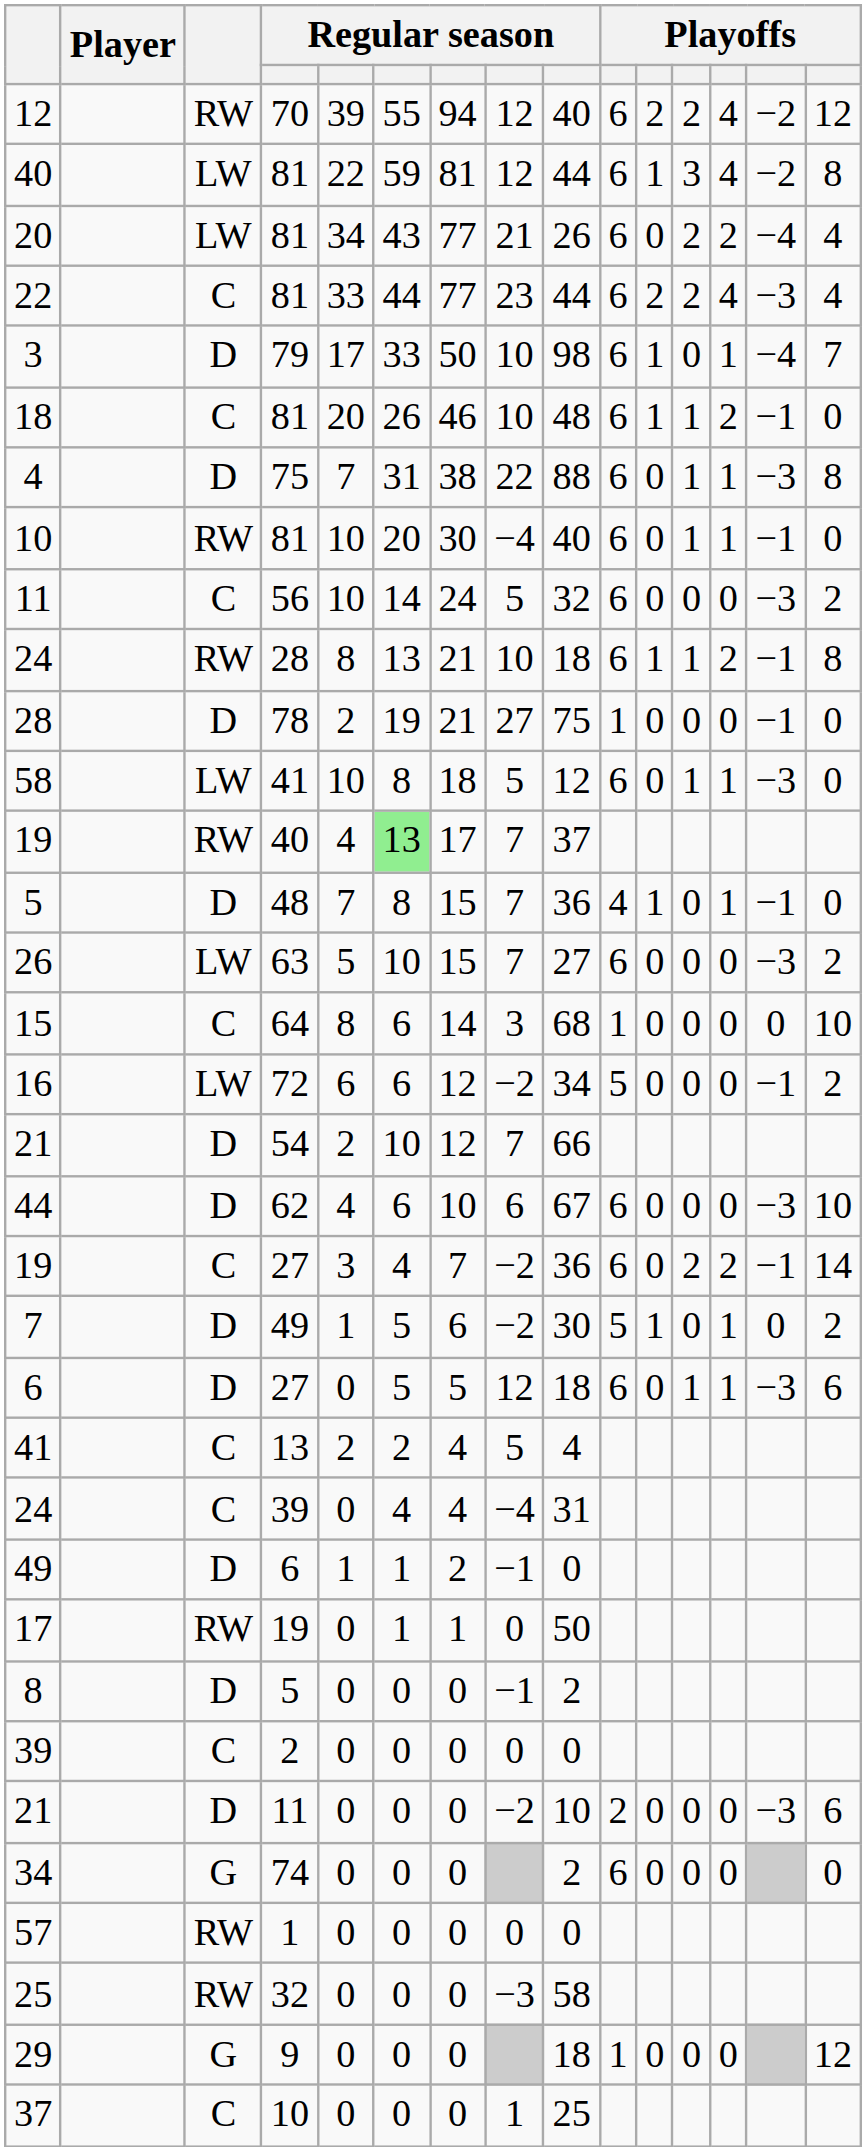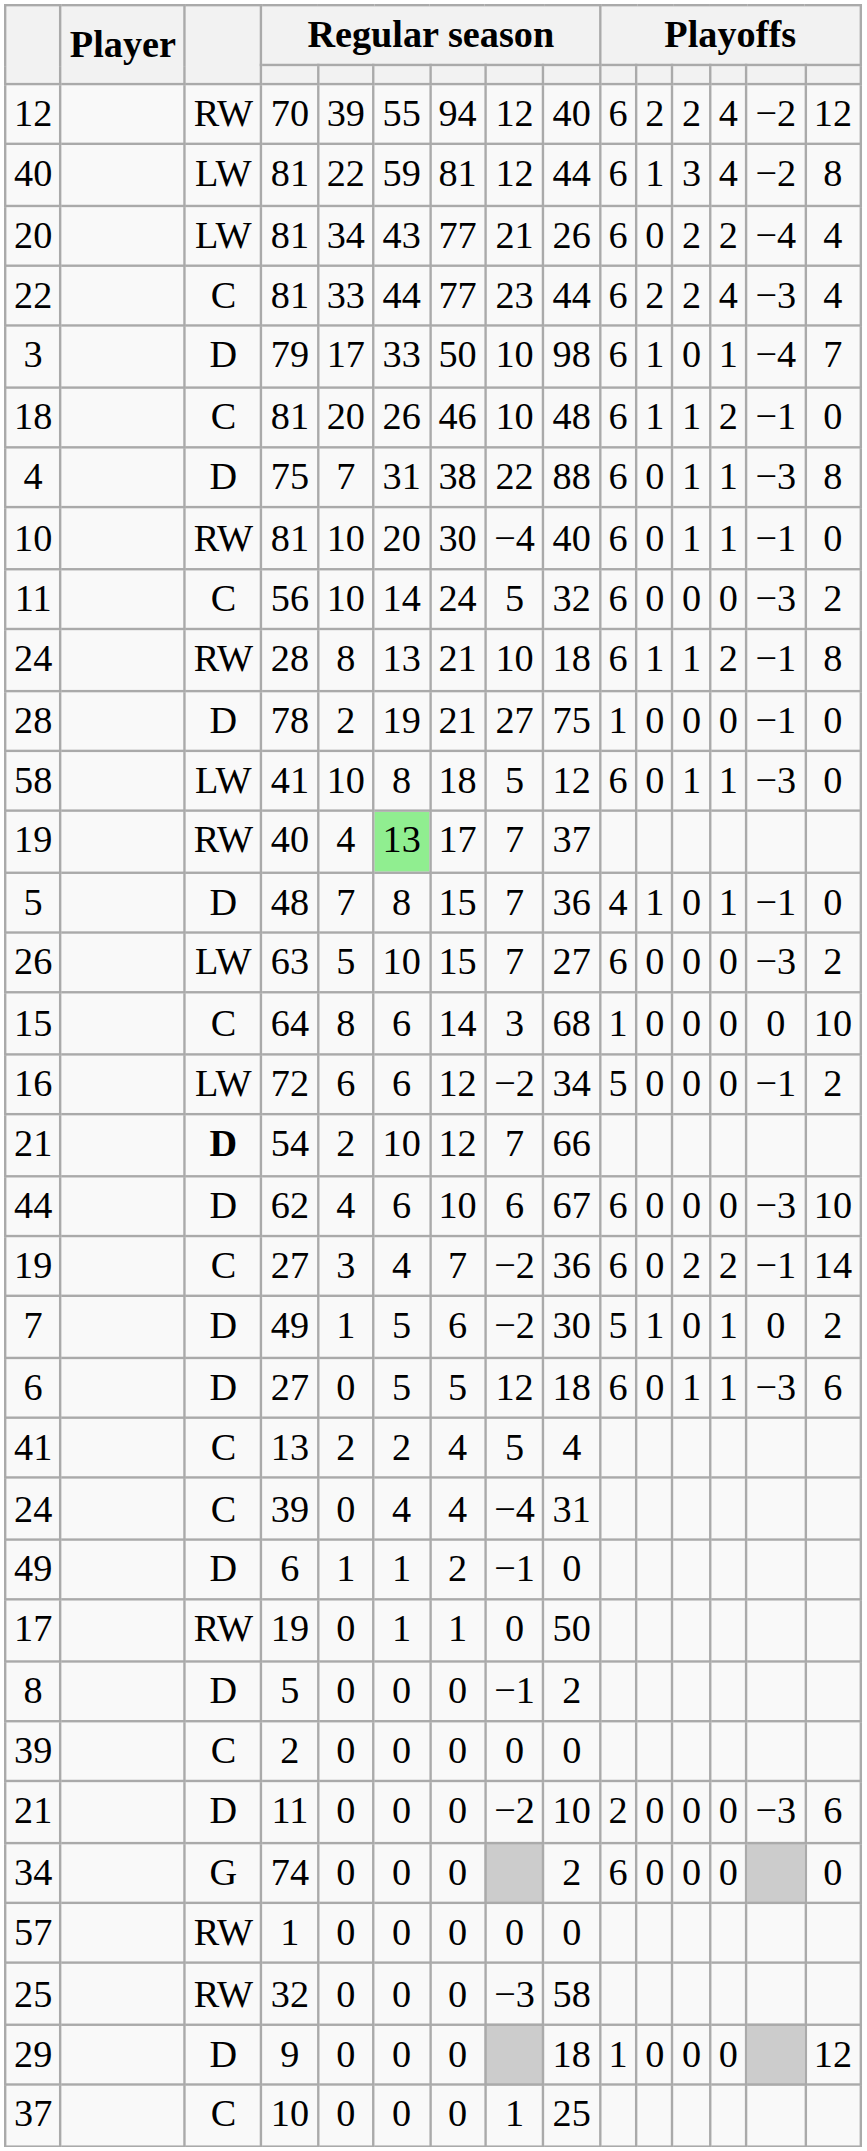 <table class="wikitable sortable plainrowheaders" style="text-align:center;">
 <tr>
 <th scope="col" data-sort-type="number" rowspan="2"></th>
 <th scope="col" rowspan="2">Player</th>
 <th scope="col" rowspan="2"></th>
 <th scope=colgroup colspan=6>Regular season</th>
 <th scope=colgroup colspan=6>Playoffs</th>
 </tr>
 <tr>
 <th scope="col" data-sort-type="number"></th>
 <th scope="col" data-sort-type="number"></th>
 <th scope="col" data-sort-type="number"></th>
 <th scope="col" data-sort-type="number"></th>
 <th scope="col" data-sort-type="number"></th>
 <th scope="col" data-sort-type="number"></th>
 <th scope="col" data-sort-type="number"></th>
 <th scope="col" data-sort-type="number"></th>
 <th scope="col" data-sort-type="number"></th>
 <th scope="col" data-sort-type="number"></th>
 <th scope="col" data-sort-type="number"></th>
 <th scope="col" data-sort-type="number"></th>
 </tr>
 <tr>
 <td scope="row">12</td>
 <td align="left"></td>
 <td>RW</td>
 <td>70</td>
 <td>39</td>
 <td>55</td>
 <td>94</td>
 <td>12</td>
 <td>40</td>
 <td>6</td>
 <td>2</td>
 <td>2</td>
 <td>4</td>
 <td>−2</td>
 <td>12</td>
 </tr>
 <tr>
 <td scope="row">40</td>
 <td align="left"></td>
 <td>LW</td>
 <td>81</td>
 <td>22</td>
 <td>59</td>
 <td>81</td>
 <td>12</td>
 <td>44</td>
 <td>6</td>
 <td>1</td>
 <td>3</td>
 <td>4</td>
 <td>−2</td>
 <td>8</td>
 </tr>
 <tr>
 <td scope="row">20</td>
 <td align="left"></td>
 <td>LW</td>
 <td>81</td>
 <td>34</td>
 <td>43</td>
 <td>77</td>
 <td>21</td>
 <td>26</td>
 <td>6</td>
 <td>0</td>
 <td>2</td>
 <td>2</td>
 <td>−4</td>
 <td>4</td>
 </tr>
 <tr>
 <td scope="row">22</td>
 <td align="left"></td>
 <td>C</td>
 <td>81</td>
 <td>33</td>
 <td>44</td>
 <td>77</td>
 <td>23</td>
 <td>44</td>
 <td>6</td>
 <td>2</td>
 <td>2</td>
 <td>4</td>
 <td>−3</td>
 <td>4</td>
 </tr>
 <tr>
 <td scope="row">3</td>
 <td align="left"></td>
 <td>D</td>
 <td>79</td>
 <td>17</td>
 <td>33</td>
 <td>50</td>
 <td>10</td>
 <td>98</td>
 <td>6</td>
 <td>1</td>
 <td>0</td>
 <td>1</td>
 <td>−4</td>
 <td>7</td>
 </tr>
 <tr>
 <td scope="row">18</td>
 <td align="left"></td>
 <td>C</td>
 <td>81</td>
 <td>20</td>
 <td>26</td>
 <td>46</td>
 <td>10</td>
 <td>48</td>
 <td>6</td>
 <td>1</td>
 <td>1</td>
 <td>2</td>
 <td>−1</td>
 <td>0</td>
 </tr>
 <tr>
 <td scope="row">4</td>
 <td align="left"></td>
 <td>D</td>
 <td>75</td>
 <td>7</td>
 <td>31</td>
 <td>38</td>
 <td>22</td>
 <td>88</td>
 <td>6</td>
 <td>0</td>
 <td>1</td>
 <td>1</td>
 <td>−3</td>
 <td>8</td>
 </tr>
 <tr>
 <td scope="row">10</td>
 <td align="left"></td>
 <td>RW</td>
 <td>81</td>
 <td>10</td>
 <td>20</td>
 <td>30</td>
 <td>−4</td>
 <td>40</td>
 <td>6</td>
 <td>0</td>
 <td>1</td>
 <td>1</td>
 <td>−1</td>
 <td>0</td>
 </tr>
 <tr>
 <td scope="row">11</td>
 <td align="left"></td>
 <td>C</td>
 <td>56</td>
 <td>10</td>
 <td>14</td>
 <td>24</td>
 <td>5</td>
 <td>32</td>
 <td>6</td>
 <td>0</td>
 <td>0</td>
 <td>0</td>
 <td>−3</td>
 <td>2</td>
 </tr>
 <tr>
 <td scope="row">24</td>
 <td align="left"></td>
 <td>RW</td>
 <td>28</td>
 <td>8</td>
 <td>13</td>
 <td>21</td>
 <td>10</td>
 <td>18</td>
 <td>6</td>
 <td>1</td>
 <td>1</td>
 <td>2</td>
 <td>−1</td>
 <td>8</td>
 </tr>
 <tr>
 <td scope="row">28</td>
 <td align="left"></td>
 <td>D</td>
 <td>78</td>
 <td>2</td>
 <td>19</td>
 <td>21</td>
 <td>27</td>
 <td>75</td>
 <td>1</td>
 <td>0</td>
 <td>0</td>
 <td>0</td>
 <td>−1</td>
 <td>0</td>
 </tr>
 <tr>
 <td scope="row">58</td>
 <td align="left"></td>
 <td>LW</td>
 <td>41</td>
 <td>10</td>
 <td>8</td>
 <td>18</td>
 <td>5</td>
 <td>12</td>
 <td>6</td>
 <td>0</td>
 <td>1</td>
 <td>1</td>
 <td>−3</td>
 <td>0</td>
 </tr>
 <tr>
 <td scope="row">19</td>
 <td align="left"></td>
 <td>RW</td>
 <td>40</td>
 <td>4</td>
 <td style="background: lightgreen;">13</td>
 <td>17</td>
 <td>7</td>
 <td>37</td>
 <td></td>
 <td></td>
 <td></td>
 <td></td>
 <td></td>
 <td></td>
 </tr>
 <tr>
 <td scope="row">5</td>
 <td align="left"></td>
 <td>D</td>
 <td>48</td>
 <td>7</td>
 <td>8</td>
 <td>15</td>
 <td>7</td>
 <td>36</td>
 <td>4</td>
 <td>1</td>
 <td>0</td>
 <td>1</td>
 <td>−1</td>
 <td>0</td>
 </tr>
 <tr>
 <td scope="row">26</td>
 <td align="left"></td>
 <td>LW</td>
 <td>63</td>
 <td>5</td>
 <td>10</td>
 <td>15</td>
 <td>7</td>
 <td>27</td>
 <td>6</td>
 <td>0</td>
 <td>0</td>
 <td>0</td>
 <td>−3</td>
 <td>2</td>
 </tr>
 <tr>
 <td scope="row">15</td>
 <td align="left"></td>
 <td>C</td>
 <td>64</td>
 <td>8</td>
 <td>6</td>
 <td>14</td>
 <td>3</td>
 <td>68</td>
 <td>1</td>
 <td>0</td>
 <td>0</td>
 <td>0</td>
 <td>0</td>
 <td>10</td>
 </tr>
 <tr>
 <td scope="row">16</td>
 <td align="left"></td>
 <td>LW</td>
 <td>72</td>
 <td>6</td>
 <td>6</td>
 <td>12</td>
 <td>−2</td>
 <td>34</td>
 <td>5</td>
 <td>0</td>
 <td>0</td>
 <td>0</td>
 <td>−1</td>
 <td>2</td>
 </tr>
 <tr>
 <td scope="row">21</td>
 <td align="left"></td>
-<td>D</td>
+<td><strong>D</strong></td>
 <td>54</td>
 <td>2</td>
 <td>10</td>
 <td>12</td>
 <td>7</td>
 <td>66</td>
 <td></td>
 <td></td>
 <td></td>
 <td></td>
 <td></td>
 <td></td>
 </tr>
 <tr>
 <td scope="row">44</td>
 <td align="left"></td>
 <td>D</td>
 <td>62</td>
 <td>4</td>
 <td>6</td>
 <td>10</td>
 <td>6</td>
 <td>67</td>
 <td>6</td>
 <td>0</td>
 <td>0</td>
 <td>0</td>
 <td>−3</td>
 <td>10</td>
 </tr>
 <tr>
 <td scope="row">19</td>
 <td align="left"></td>
 <td>C</td>
 <td>27</td>
 <td>3</td>
 <td>4</td>
 <td>7</td>
 <td>−2</td>
 <td>36</td>
 <td>6</td>
 <td>0</td>
 <td>2</td>
 <td>2</td>
 <td>−1</td>
 <td>14</td>
 </tr>
 <tr>
 <td scope="row">7</td>
 <td align="left"></td>
 <td>D</td>
 <td>49</td>
 <td>1</td>
 <td>5</td>
 <td>6</td>
 <td>−2</td>
 <td>30</td>
 <td>5</td>
 <td>1</td>
 <td>0</td>
 <td>1</td>
 <td>0</td>
 <td>2</td>
 </tr>
 <tr>
 <td scope="row">6</td>
 <td align="left"></td>
 <td>D</td>
 <td>27</td>
 <td>0</td>
 <td>5</td>
 <td>5</td>
 <td>12</td>
 <td>18</td>
 <td>6</td>
 <td>0</td>
 <td>1</td>
 <td>1</td>
 <td>−3</td>
 <td>6</td>
 </tr>
 <tr>
 <td scope="row">41</td>
 <td align="left"></td>
 <td>C</td>
 <td>13</td>
 <td>2</td>
 <td>2</td>
 <td>4</td>
 <td>5</td>
 <td>4</td>
 <td></td>
 <td></td>
 <td></td>
 <td></td>
 <td></td>
 <td></td>
 </tr>
 <tr>
 <td scope="row">24</td>
 <td align="left"></td>
 <td>C</td>
 <td>39</td>
 <td>0</td>
 <td>4</td>
 <td>4</td>
 <td>−4</td>
 <td>31</td>
 <td></td>
 <td></td>
 <td></td>
 <td></td>
 <td></td>
 <td></td>
 </tr>
 <tr>
 <td scope="row">49</td>
 <td align="left"></td>
 <td>D</td>
 <td>6</td>
 <td>1</td>
 <td>1</td>
 <td>2</td>
 <td>−1</td>
 <td>0</td>
 <td></td>
 <td></td>
 <td></td>
 <td></td>
 <td></td>
 <td></td>
 </tr>
 <tr>
 <td scope="row">17</td>
 <td align="left"></td>
 <td>RW</td>
 <td>19</td>
 <td>0</td>
 <td>1</td>
 <td>1</td>
 <td>0</td>
 <td>50</td>
 <td></td>
 <td></td>
 <td></td>
 <td></td>
 <td></td>
 <td></td>
 </tr>
 <tr>
 <td scope="row">8</td>
 <td align="left"></td>
 <td>D</td>
 <td>5</td>
 <td>0</td>
 <td>0</td>
 <td>0</td>
 <td>−1</td>
 <td>2</td>
 <td></td>
 <td></td>
 <td></td>
 <td></td>
 <td></td>
 <td></td>
 </tr>
 <tr>
 <td scope="row">39</td>
 <td align="left"></td>
 <td>C</td>
 <td>2</td>
 <td>0</td>
 <td>0</td>
 <td>0</td>
 <td>0</td>
 <td>0</td>
 <td></td>
 <td></td>
 <td></td>
 <td></td>
 <td></td>
 <td></td>
 </tr>
 <tr>
 <td scope="row">21</td>
 <td align="left"></td>
 <td>D</td>
 <td>11</td>
 <td>0</td>
 <td>0</td>
 <td>0</td>
 <td>−2</td>
 <td>10</td>
 <td>2</td>
 <td>0</td>
 <td>0</td>
 <td>0</td>
 <td>−3</td>
 <td>6</td>
 </tr>
 <tr>
 <td scope="row">34</td>
 <td align="left"></td>
 <td>G</td>
 <td>74</td>
 <td>0</td>
 <td>0</td>
 <td>0</td>
 <td style="background:#ccc"></td>
 <td>2</td>
 <td>6</td>
 <td>0</td>
 <td>0</td>
 <td>0</td>
 <td style="background:#ccc"></td>
 <td>0</td>
 </tr>
 <tr>
 <td scope="row">57</td>
 <td align="left"></td>
 <td>RW</td>
 <td>1</td>
 <td>0</td>
 <td>0</td>
 <td>0</td>
 <td>0</td>
 <td>0</td>
 <td></td>
 <td></td>
 <td></td>
 <td></td>
 <td></td>
 <td></td>
 </tr>
 <tr>
 <td scope="row">25</td>
 <td align="left"></td>
 <td>RW</td>
 <td>32</td>
 <td>0</td>
 <td>0</td>
 <td>0</td>
 <td>−3</td>
 <td>58</td>
 <td></td>
 <td></td>
 <td></td>
 <td></td>
 <td></td>
 <td></td>
 </tr>
 <tr>
 <td scope="row">29</td>
 <td align="left"></td>
-<td>G</td>
+<td>D</td>
 <td>9</td>
 <td>0</td>
 <td>0</td>
 <td>0</td>
 <td style="background:#ccc"></td>
 <td>18</td>
 <td>1</td>
 <td>0</td>
 <td>0</td>
 <td>0</td>
 <td style="background:#ccc"></td>
 <td>12</td>
 </tr>
 <tr>
 <td scope="row">37</td>
 <td align="left"></td>
 <td>C</td>
 <td>10</td>
 <td>0</td>
 <td>0</td>
 <td>0</td>
 <td>1</td>
 <td>25</td>
 <td></td>
 <td></td>
 <td></td>
 <td></td>
 <td></td>
 <td></td>
 </tr>
 </table>
